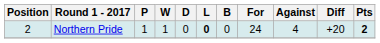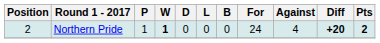 <table class="wikitable" style="text-align:center; font-size:85%;">
 <tr>
 <th width= abbr="Position">Position</th>
 <th width=100>Round 1 - 2017</th>
 <th width=20 abbr="Played">P</th>
 <th width=20 abbr="Won">W</th>
 <th width=20 abbr="Drawn">D</th>
 <th width=20 abbr="Lost">L</th>
 <th width=20 abbr="Bye">B</th>
 <th width=40 abbr="Points for">For</th>
 <th width=40 abbr="Points against">Against</th>
 <th width=40 abbr="Points difference">Diff</th>
 <th width=20 abbr="Points">Pts</th>
 </tr>
 <tr style="background: #d7ebed;">
 <td>2</td>
 <td style="text-align:left;"> <a href='#'>Northern Pride</a></td>
 <td>1</td>
-<td>1</td>
+<td><strong>1</strong></td>
 <td>0</td>
-<td><strong>0</strong></td>
+<td>0</td>
 <td>0</td>
 <td>24</td>
 <td>4</td>
-<td>+20</td>
+<td><strong>+20</strong></td>
 <td><strong>2</strong></td>
 </tr>
 <tr>
 </tr>
 </table>
